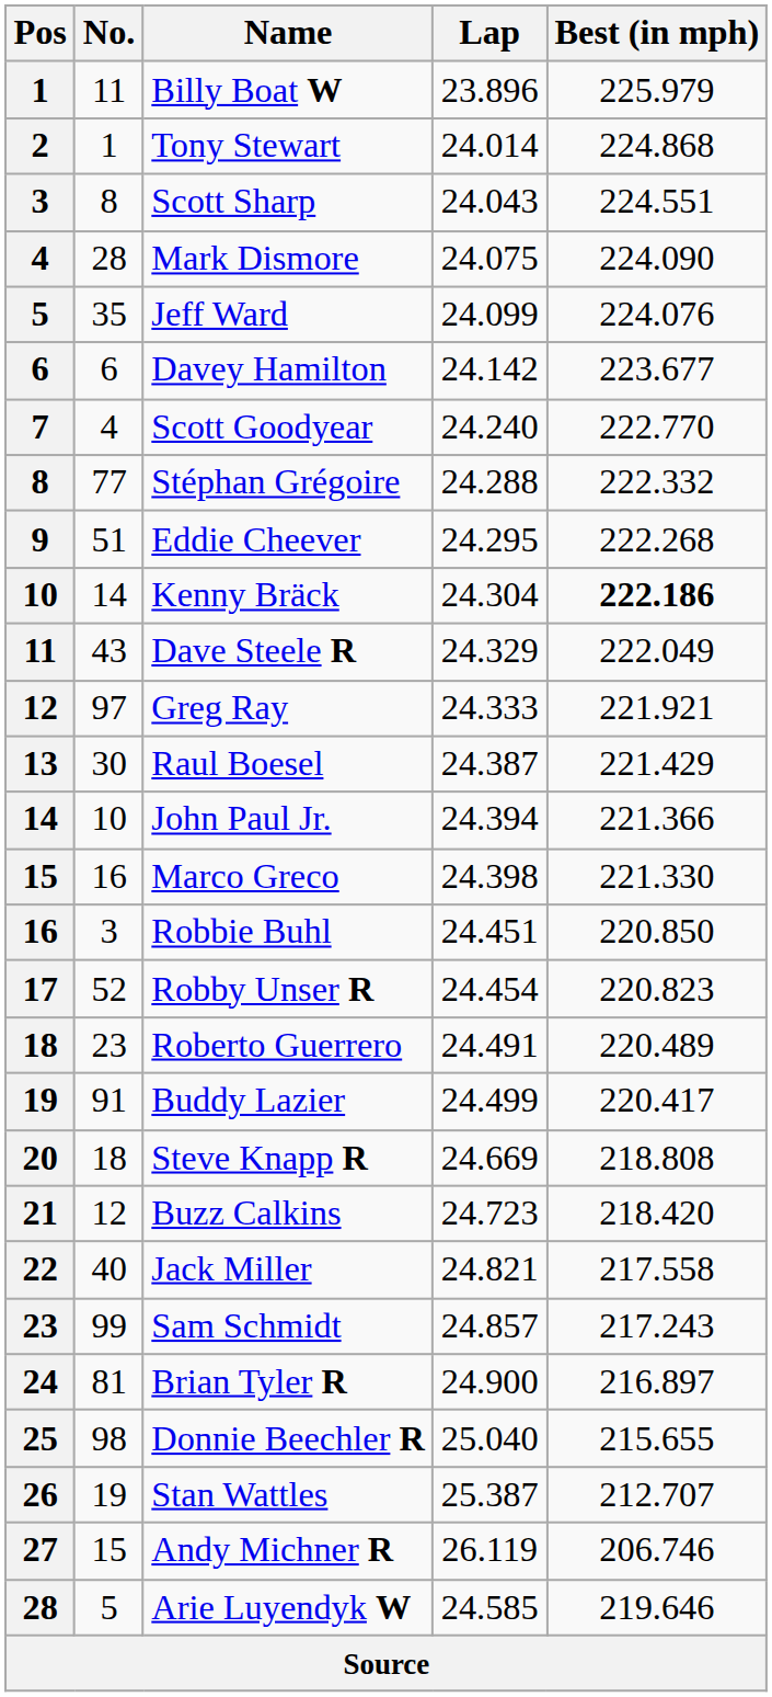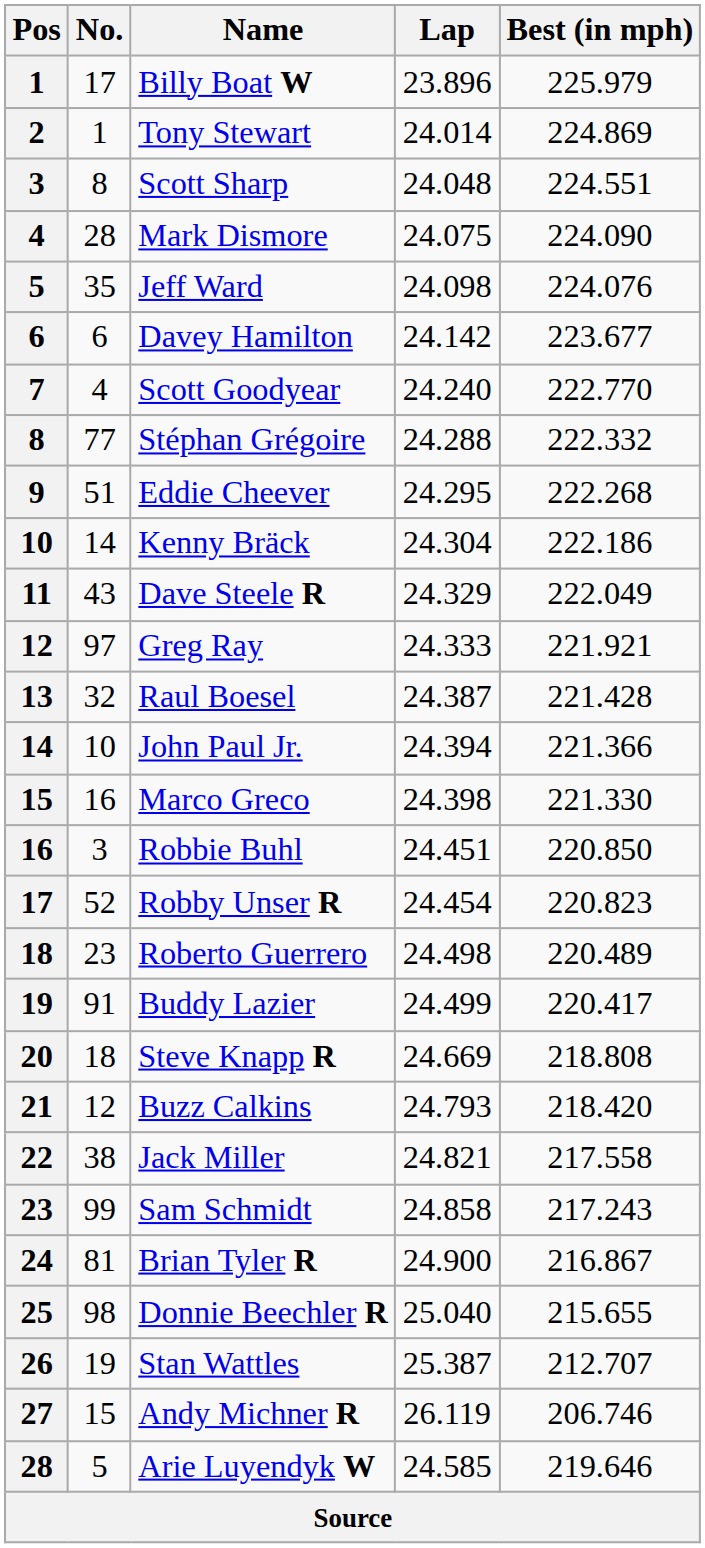 <table class="wikitable sortable" " style="fontsize:95%">
 <tr>
 <th>Pos</th>
 <th>No.</th>
 <th>Name</th>
 <th>Lap</th>
 <th>Best (in mph)</th>
 </tr>
 <tr>
 <th scope="row">1</th>
-<td align=center>11</td>
+<td align=center>17</td>
 <td> <a href='#'>Billy Boat</a> <strong><span>W</span></strong></td>
 <td align="center">23.896</td>
 <td align="center">225.979</td>
 </tr>
 <tr>
 <th scope="row">2</th>
 <td align=center>1</td>
 <td> <a href='#'>Tony Stewart</a></td>
 <td align="center">24.014</td>
-<td align="center">224.868</td>
+<td align="center">224.869</td>
 </tr>
 <tr>
 <th scope="row">3</th>
 <td align=center>8</td>
 <td> <a href='#'>Scott Sharp</a></td>
-<td align="center">24.043</td>
+<td align="center">24.048</td>
 <td align="center">224.551</td>
 </tr>
 <tr>
 <th scope="row">4</th>
 <td align=center>28</td>
 <td> <a href='#'>Mark Dismore</a></td>
 <td align="center">24.075</td>
 <td align="center">224.090</td>
 </tr>
 <tr>
 <th scope="row">5</th>
 <td align=center>35</td>
 <td> <a href='#'>Jeff Ward</a></td>
-<td align="center">24.099</td>
+<td align="center">24.098</td>
 <td align="center">224.076</td>
 </tr>
 <tr>
 <th scope="row">6</th>
 <td align=center>6</td>
 <td> <a href='#'>Davey Hamilton</a></td>
 <td align="center">24.142</td>
 <td align="center">223.677</td>
 </tr>
 <tr>
 <th scope="row">7</th>
 <td align=center>4</td>
 <td> <a href='#'>Scott Goodyear</a></td>
 <td align="center">24.240</td>
 <td align="center">222.770</td>
 </tr>
 <tr>
 <th scope="row">8</th>
 <td align=center>77</td>
 <td> <a href='#'>Stéphan Grégoire</a></td>
 <td align="center">24.288</td>
 <td align="center">222.332</td>
 </tr>
 <tr>
 <th scope="row">9</th>
 <td align=center>51</td>
 <td> <a href='#'>Eddie Cheever</a></td>
 <td align="center">24.295</td>
 <td align="center">222.268</td>
 </tr>
 <tr>
 <th scope="row">10</th>
 <td align=center>14</td>
 <td> <a href='#'>Kenny Bräck</a></td>
 <td align="center">24.304</td>
-<td align="center"><strong>222.186</strong></td>
+<td align="center">222.186</td>
 </tr>
 <tr>
 <th scope="row">11</th>
 <td align=center>43</td>
 <td> <a href='#'>Dave Steele</a> <strong><span>R</span></strong></td>
 <td align="center">24.329</td>
 <td align="center">222.049</td>
 </tr>
 <tr>
 <th scope="row">12</th>
 <td align=center>97</td>
 <td> <a href='#'>Greg Ray</a></td>
 <td align="center">24.333</td>
 <td align="center">221.921</td>
 </tr>
 <tr>
 <th scope="row">13</th>
-<td align=center>30</td>
+<td align=center>32</td>
 <td> <a href='#'>Raul Boesel</a></td>
 <td align="center">24.387</td>
-<td align="center">221.429</td>
+<td align="center">221.428</td>
 </tr>
 <tr>
 <th scope="row">14</th>
 <td align=center>10</td>
 <td> <a href='#'>John Paul Jr.</a></td>
 <td align="center">24.394</td>
 <td align="center">221.366</td>
 </tr>
 <tr>
 <th scope="row">15</th>
 <td align=center>16</td>
 <td> <a href='#'>Marco Greco</a></td>
 <td align="center">24.398</td>
 <td align="center">221.330</td>
 </tr>
 <tr>
 <th scope="row">16</th>
 <td align=center>3</td>
 <td> <a href='#'>Robbie Buhl</a></td>
 <td align="center">24.451</td>
 <td align="center">220.850</td>
 </tr>
 <tr>
 <th scope="row">17</th>
 <td align=center>52</td>
 <td> <a href='#'>Robby Unser</a> <strong><span>R</span></strong></td>
 <td align="center">24.454</td>
 <td align="center">220.823</td>
 </tr>
 <tr>
 <th scope="row">18</th>
 <td align=center>23</td>
 <td> <a href='#'>Roberto Guerrero</a></td>
-<td align="center">24.491</td>
+<td align="center">24.498</td>
 <td align="center">220.489</td>
 </tr>
 <tr>
 <th scope="row">19</th>
 <td align=center>91</td>
 <td> <a href='#'>Buddy Lazier</a></td>
 <td align="center">24.499</td>
 <td align="center">220.417</td>
 </tr>
 <tr>
 <th scope="row">20</th>
 <td align=center>18</td>
 <td> <a href='#'>Steve Knapp</a> <strong><span>R</span></strong></td>
 <td align="center">24.669</td>
 <td align="center">218.808</td>
 </tr>
 <tr>
 <th scope="row">21</th>
 <td align=center>12</td>
 <td> <a href='#'>Buzz Calkins</a></td>
-<td align="center">24.723</td>
+<td align="center">24.793</td>
 <td align="center">218.420</td>
 </tr>
 <tr>
 <th scope="row">22</th>
-<td align=center>40</td>
+<td align=center>38</td>
 <td> <a href='#'>Jack Miller</a></td>
 <td align="center">24.821</td>
 <td align="center">217.558</td>
 </tr>
 <tr>
 <th scope="row">23</th>
 <td align=center>99</td>
 <td> <a href='#'>Sam Schmidt</a></td>
-<td align="center">24.857</td>
+<td align="center">24.858</td>
 <td align="center">217.243</td>
 </tr>
 <tr>
 <th scope="row">24</th>
 <td align=center>81</td>
 <td> <a href='#'>Brian Tyler</a> <strong><span>R</span></strong></td>
 <td align="center">24.900</td>
-<td align="center">216.897</td>
+<td align="center">216.867</td>
 </tr>
 <tr>
 <th scope="row">25</th>
 <td align=center>98</td>
 <td> <a href='#'>Donnie Beechler</a> <strong><span>R</span></strong></td>
 <td align="center">25.040</td>
 <td align="center">215.655</td>
 </tr>
 <tr>
 <th scope="row">26</th>
 <td align=center>19</td>
 <td> <a href='#'>Stan Wattles</a></td>
 <td align="center">25.387</td>
 <td align="center">212.707</td>
 </tr>
 <tr>
 <th scope="row">27</th>
 <td align=center>15</td>
 <td> <a href='#'>Andy Michner</a> <strong><span>R</span></strong></td>
 <td align="center">26.119</td>
 <td align="center">206.746</td>
 </tr>
 <tr>
 <th scope="row">28</th>
 <td align=center>5</td>
 <td> <a href='#'>Arie Luyendyk</a> <strong><span>W</span></strong></td>
 <td align="center">24.585</td>
 <td align="center">219.646</td>
 </tr>
 <tr>
 <th colspan=5 align=center><small>Source</small></th>
 </tr>
 </table>
